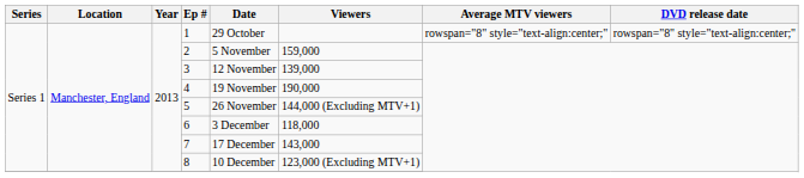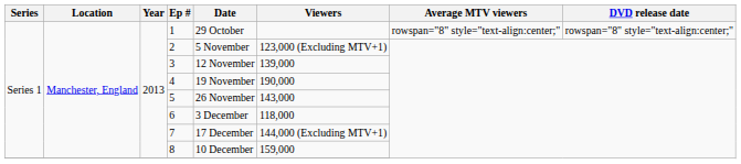 <table class="wikitable">
 <tr>
 <th>Series</th>
 <th>Location</th>
 <th>Year</th>
 <th>Ep #</th>
 <th>Date</th>
 <th>Viewers</th>
 <th>Average MTV viewers</th>
 <th><a href='#'>DVD</a> release date</th>
 </tr>
 <tr>
 <td rowspan="8" style="text-align:left;">Series 1</td>
 <td rowspan="8" style="text-align:left;"><a href='#'>Manchester, England</a></td>
 <td rowspan="8" style="text-align:left;">2013</td>
 <td>1</td>
 <td>29 October</td>
 <td></td>
 <td>rowspan="8" style="text-align:center;" </td>
 <td>rowspan="8" style="text-align:center;" </td>
 </tr>
 <tr>
 <td>2</td>
 <td>5 November</td>
-<td>159,000</td>
+<td>123,000 (Excluding MTV+1)</td>
 </tr>
 <tr>
 <td>3</td>
 <td>12 November</td>
 <td>139,000</td>
 </tr>
 <tr>
 <td>4</td>
 <td>19 November</td>
 <td>190,000</td>
 </tr>
 <tr>
 <td>5</td>
 <td>26 November</td>
-<td>144,000 (Excluding MTV+1)</td>
+<td>143,000</td>
 </tr>
 <tr>
 <td>6</td>
 <td>3 December</td>
 <td>118,000</td>
 </tr>
 <tr>
 <td>7</td>
 <td>17 December</td>
-<td>143,000</td>
+<td>144,000 (Excluding MTV+1)</td>
 </tr>
 <tr>
 <td>8</td>
 <td>10 December</td>
-<td>123,000 (Excluding MTV+1)</td>
+<td>159,000</td>
 </tr>
 <tr>
 </tr>
 </table>
